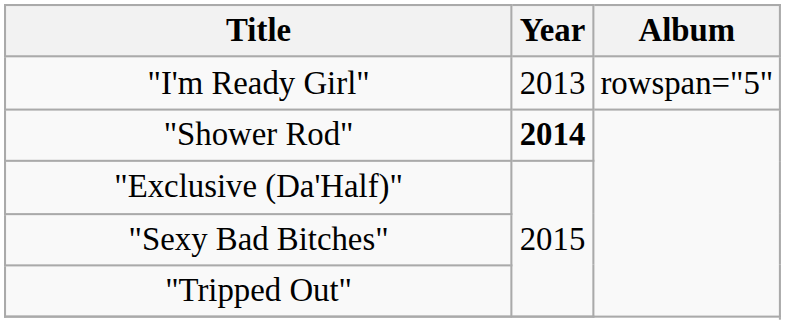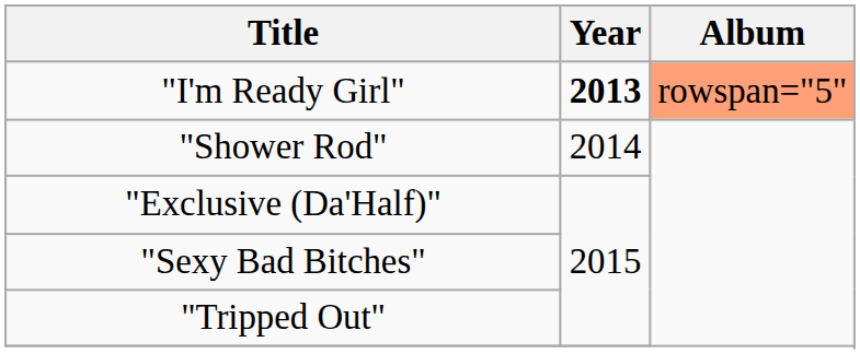 <table class="wikitable plainrowheaders" style="text-align:center;">
 <tr>
 <th scope="col" style="width:15em;">Title</th>
 <th scope="col">Year</th>
 <th scope="col">Album</th>
 </tr>
 <tr>
 <td>"I'm Ready Girl"</td>
-<td>2013</td>
-<td>rowspan="5" </td>
+<td><strong>2013</strong></td>
+<td style="background: lightsalmon;">rowspan="5" </td>
 </tr>
 <tr>
 <td>"Shower Rod"</td>
-<td><strong>2014</strong></td>
+<td>2014</td>
 </tr>
 <tr>
 <td>"Exclusive (Da'Half)"</td>
 <td rowspan="3">2015</td>
 </tr>
 <tr>
 <td>"Sexy Bad Bitches"</td>
 </tr>
 <tr>
 <td>"Tripped Out"</td>
 </tr>
 <tr>
 </tr>
 </table>
